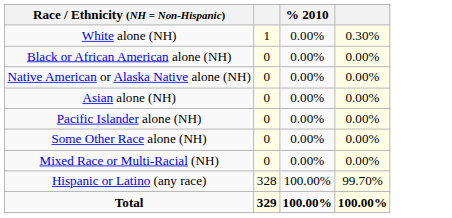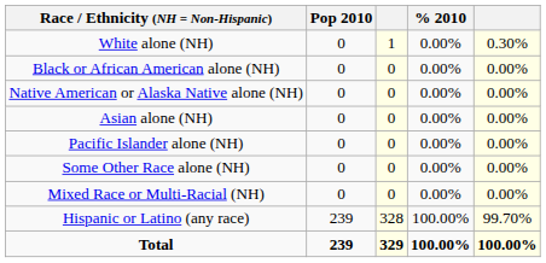 <table class="wikitable" style="text-align:center;">
 <tr>
 <th>Race / Ethnicity <small>(<em>NH = Non-Hispanic</em>)</small></th>
+<th>Pop 2010</th>
 <th></th>
 <th>% 2010</th>
 <th></th>
 </tr>
 <tr>
 <td><a href='#'>White</a> alone (NH)</td>
+<td>0</td>
 <td style='background: #ffffe6;'>1</td>
 <td>0.00%</td>
 <td style='background: #ffffe6;'>0.30%</td>
 </tr>
 <tr>
 <td><a href='#'>Black or African American</a> alone (NH)</td>
+<td>0</td>
 <td style='background: #ffffe6;'>0</td>
 <td>0.00%</td>
 <td style='background: #ffffe6;'>0.00%</td>
 </tr>
 <tr>
 <td><a href='#'>Native American</a> or <a href='#'>Alaska Native</a> alone (NH)</td>
+<td>0</td>
 <td style='background: #ffffe6;'>0</td>
 <td>0.00%</td>
 <td style='background: #ffffe6;'>0.00%</td>
 </tr>
 <tr>
 <td><a href='#'>Asian</a> alone (NH)</td>
+<td>0</td>
 <td style='background: #ffffe6;'>0</td>
 <td>0.00%</td>
 <td style='background: #ffffe6;'>0.00%</td>
 </tr>
 <tr>
 <td><a href='#'>Pacific Islander</a> alone (NH)</td>
+<td>0</td>
 <td style='background: #ffffe6;'>0</td>
 <td>0.00%</td>
 <td style='background: #ffffe6;'>0.00%</td>
 </tr>
 <tr>
 <td><a href='#'>Some Other Race</a> alone (NH)</td>
+<td>0</td>
 <td style='background: #ffffe6;'>0</td>
 <td>0.00%</td>
 <td style='background: #ffffe6;'>0.00%</td>
 </tr>
 <tr>
 <td><a href='#'>Mixed Race or Multi-Racial</a> (NH)</td>
+<td>0</td>
 <td style='background: #ffffe6;'>0</td>
 <td>0.00%</td>
 <td style='background: #ffffe6;'>0.00%</td>
 </tr>
 <tr>
 <td><a href='#'>Hispanic or Latino</a> (any race)</td>
+<td>239</td>
 <td style='background: #ffffe6;'>328</td>
 <td>100.00%</td>
 <td style='background: #ffffe6;'>99.70%</td>
 </tr>
 <tr>
 <td><strong>Total</strong></td>
+<td><strong>239</strong></td>
 <td style='background: #ffffe6;'><strong>329</strong></td>
 <td><strong>100.00%</strong></td>
 <td style='background: #ffffe6;'><strong>100.00%</strong></td>
 </tr>
 </table>
